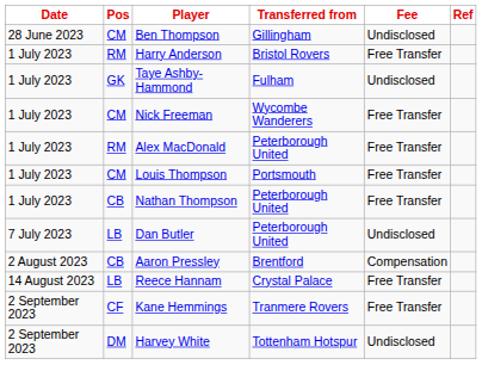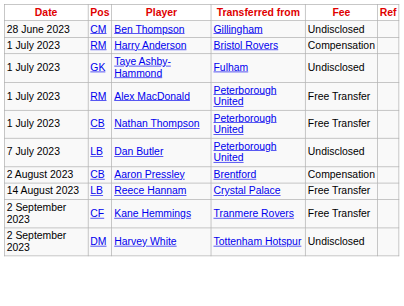 <table class="wikitable plainrowheaders sortable">
 <tr>
 <th style="background:white; color:#E00000; ">Date</th>
 <th style="background:white; color:#E00000; ">Pos</th>
 <th style="background:white; color:#E00000; ">Player</th>
 <th style="background:white; color:#E00000; ">Transferred from</th>
 <th style="background:white; color:#E00000; ">Fee</th>
 <th style="background:white; color:#E00000; ">Ref</th>
 </tr>
 <tr>
 <td>28 June 2023</td>
 <td><a href='#'>CM</a></td>
 <td> <a href='#'>Ben Thompson</a></td>
 <td> <a href='#'>Gillingham</a></td>
 <td>Undisclosed</td>
 <td></td>
 </tr>
 <tr>
 <td>1 July 2023</td>
 <td><a href='#'>RM</a></td>
 <td> <a href='#'>Harry Anderson</a></td>
 <td> <a href='#'>Bristol Rovers</a></td>
-<td>Free Transfer</td>
+<td>Compensation</td>
 <td></td>
 </tr>
 <tr>
 <td>1 July 2023</td>
 <td><a href='#'>GK</a></td>
 <td> <a href='#'>Taye Ashby-Hammond</a></td>
 <td> <a href='#'>Fulham</a></td>
 <td>Undisclosed</td>
 <td></td>
 </tr>
 <tr>
 <td>1 July 2023</td>
-<td><a href='#'>CM</a></td>
-<td> <a href='#'>Nick Freeman</a></td>
-<td> <a href='#'>Wycombe Wanderers</a></td>
-<td>Free Transfer</td>
-<td></td>
-</tr>
-<tr>
-<td>1 July 2023</td>
 <td><a href='#'>RM</a></td>
 <td> <a href='#'>Alex MacDonald</a></td>
 <td> <a href='#'>Peterborough United</a></td>
-<td>Free Transfer</td>
-<td></td>
-</tr>
-<tr>
-<td>1 July 2023</td>
-<td><a href='#'>CM</a></td>
-<td> <a href='#'>Louis Thompson</a></td>
-<td> <a href='#'>Portsmouth</a></td>
 <td>Free Transfer</td>
 <td></td>
 </tr>
 <tr>
 <td>1 July 2023</td>
 <td><a href='#'>CB</a></td>
 <td> <a href='#'>Nathan Thompson</a></td>
 <td> <a href='#'>Peterborough United</a></td>
 <td>Free Transfer</td>
 <td></td>
 </tr>
 <tr>
 <td>7 July 2023</td>
 <td><a href='#'>LB</a></td>
 <td> <a href='#'>Dan Butler</a></td>
 <td> <a href='#'>Peterborough United</a></td>
 <td>Undisclosed</td>
 <td></td>
 </tr>
 <tr>
 <td>2 August 2023</td>
 <td><a href='#'>CB</a></td>
 <td> <a href='#'>Aaron Pressley</a></td>
 <td> <a href='#'>Brentford</a></td>
 <td>Compensation</td>
 <td></td>
 </tr>
 <tr>
 <td>14 August 2023</td>
 <td><a href='#'>LB</a></td>
 <td> <a href='#'>Reece Hannam</a></td>
 <td> <a href='#'>Crystal Palace</a></td>
 <td>Free Transfer</td>
 <td></td>
 </tr>
 <tr>
 <td>2 September 2023</td>
 <td><a href='#'>CF</a></td>
 <td> <a href='#'>Kane Hemmings</a></td>
 <td> <a href='#'>Tranmere Rovers</a></td>
 <td>Free Transfer</td>
 <td></td>
 </tr>
 <tr>
 <td>2 September 2023</td>
 <td><a href='#'>DM</a></td>
 <td> <a href='#'>Harvey White</a></td>
 <td> <a href='#'>Tottenham Hotspur</a></td>
 <td>Undisclosed</td>
 <td></td>
 </tr>
 </table>
